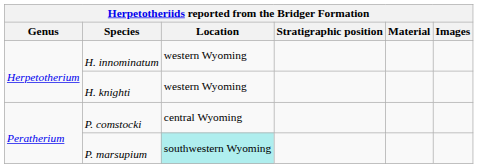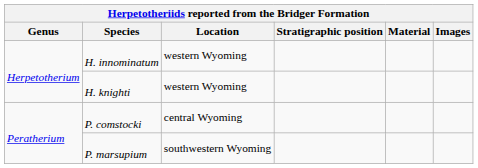 <table class="wikitable sortable mw-collapsible">
 <tr>
 <th colspan="7" style="text-align:center;"><strong><a href='#'>Herpetotheriids</a> reported from the Bridger Formation</strong></th>
 </tr>
 <tr>
 <th>Genus</th>
 <th>Species</th>
 <th>Location</th>
 <th>Stratigraphic position</th>
 <th>Material</th>
 <th>Images</th>
 </tr>
 <tr>
 <td rowspan=2><br><em><a href='#'>Herpetotherium</a></em></td>
 <td><br><em>H. innominatum</em></td>
 <td>western Wyoming</td>
 <td></td>
 <td></td>
 <td></td>
 </tr>
 <tr>
 <td><br><em>H. knighti</em></td>
 <td>western Wyoming</td>
 <td></td>
 <td></td>
 <td></td>
 </tr>
 <tr>
 <td rowspan=2><br><em><a href='#'>Peratherium</a></em></td>
 <td><br><em>P. comstocki</em></td>
 <td>central Wyoming</td>
 <td></td>
 <td></td>
 <td></td>
 </tr>
 <tr>
 <td><br><em>P. marsupium</em></td>
-<td style="background: paleturquoise;">southwestern Wyoming</td>
+<td>southwestern Wyoming</td>
 <td></td>
 <td></td>
 <td></td>
 </tr>
 </table>
